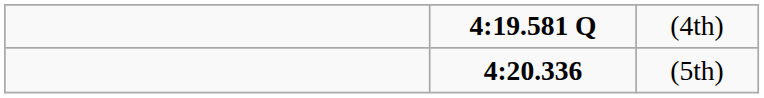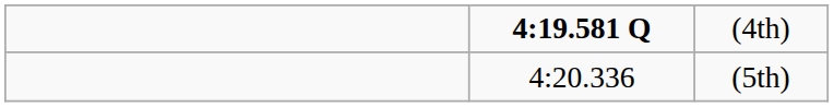 <table class="wikitable" style="text-align:center;">
 <tr>
 <td style="width:15em" align=left></td>
 <td style="width:7em;"><strong>4:19.581 Q</strong></td>
 <td style="width:4em;">(4th)</td>
 </tr>
 <tr>
 <td align=left></td>
-<td><strong>4:20.336</strong></td>
+<td>4:20.336</td>
 <td>(5th)</td>
 </tr>
 </table>
